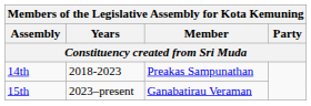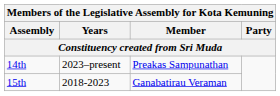 <table class=wikitable>
 <tr>
 <th colspan=4>Members of the Legislative Assembly for Kota Kemuning</th>
 </tr>
 <tr>
 <th>Assembly</th>
 <th>Years</th>
 <th>Member</th>
 <th>Party</th>
 </tr>
 <tr>
 <th colspan=4 align=center><em>Constituency created from Sri Muda</em></th>
 </tr>
 <tr>
 <td><a href='#'>14th</a></td>
-<td>2018-2023</td>
+<td>2023–present</td>
 <td><a href='#'>Preakas Sampunathan</a></td>
 <td rowspan="2"></td>
 </tr>
 <tr>
 <td><a href='#'>15th</a></td>
-<td>2023–present</td>
+<td>2018-2023</td>
 <td><a href='#'>Ganabatirau Veraman</a></td>
 </tr>
 </table>
